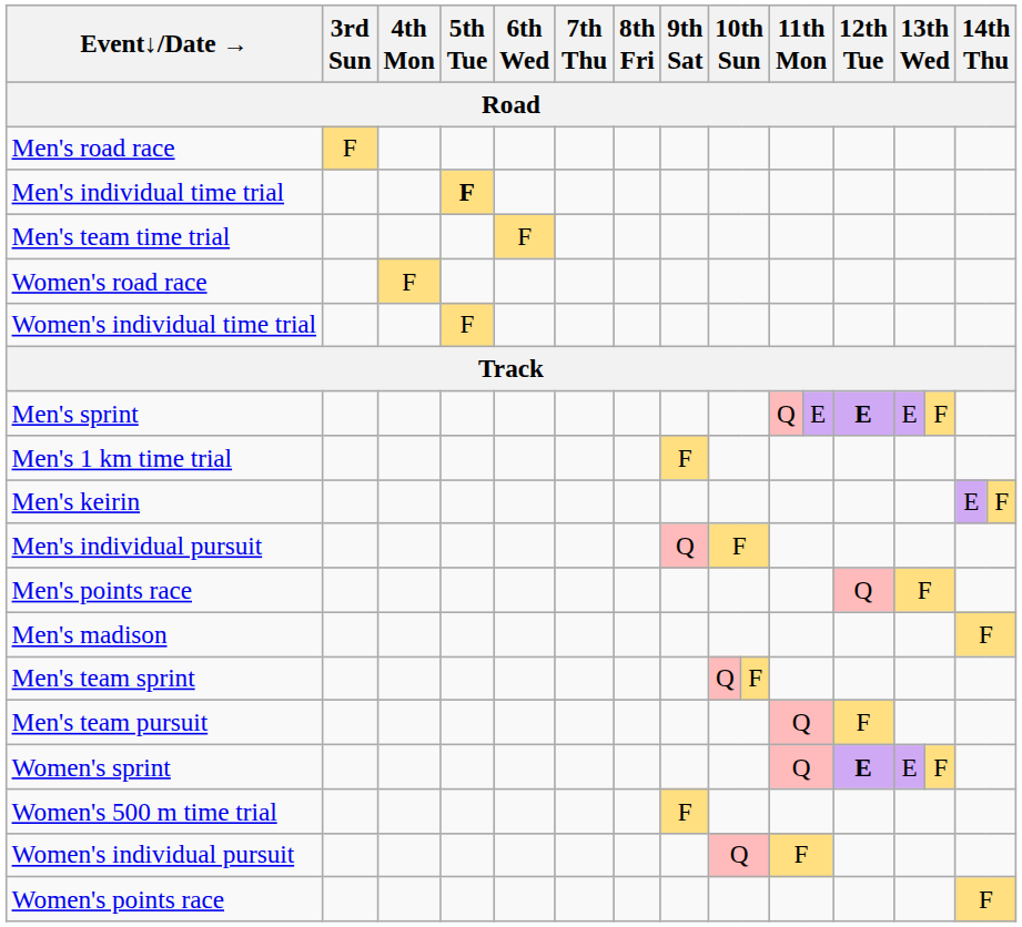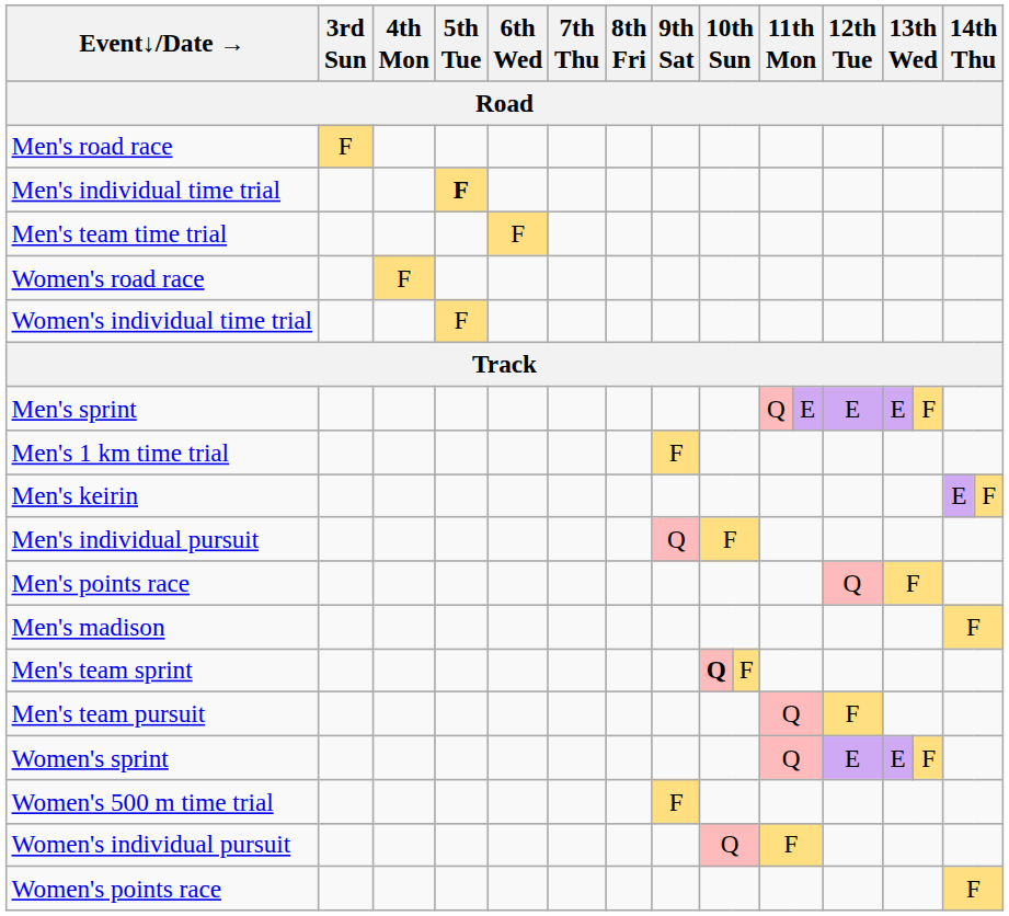 <table class="wikitable" style="margin:0.5em auto; font-size:90%; line-height:1.25em; text-align:center;">
 <tr>
 <th>Event↓/Date →</th>
 <th>3rd<br>Sun</th>
 <th>4th<br>Mon</th>
 <th>5th<br>Tue</th>
 <th>6th<br>Wed</th>
 <th>7th<br>Thu</th>
 <th>8th<br>Fri</th>
 <th>9th<br>Sat</th>
 <th colspan=2>10th<br>Sun</th>
 <th colspan=2>11th<br>Mon</th>
 <th>12th<br>Tue</th>
 <th colspan=2>13th<br>Wed</th>
 <th colspan=2>14th<br>Thu</th>
 </tr>
 <tr>
 <th colspan=18>Road</th>
 </tr>
 <tr>
 <td align="left"><a href='#'>Men's road race</a></td>
 <td bgcolor="#FFDF80">F</td>
 <td></td>
 <td></td>
 <td></td>
 <td></td>
 <td></td>
 <td></td>
 <td colspan=2></td>
 <td colspan=2></td>
 <td></td>
 <td colspan=2></td>
 <td colspan=2></td>
 </tr>
 <tr>
 <td align="left"><a href='#'>Men's individual time trial</a></td>
 <td></td>
 <td></td>
 <td bgcolor="#FFDF80"><strong>F</strong></td>
 <td></td>
 <td></td>
 <td></td>
 <td></td>
 <td colspan=2></td>
 <td colspan=2></td>
 <td></td>
 <td colspan=2></td>
 <td colspan=2></td>
 </tr>
 <tr>
 <td align="left"><a href='#'>Men's team time trial</a></td>
 <td></td>
 <td></td>
 <td></td>
 <td bgcolor="#FFDF80">F</td>
 <td></td>
 <td></td>
 <td></td>
 <td colspan=2></td>
 <td colspan=2></td>
 <td></td>
 <td colspan=2></td>
 <td colspan=2></td>
 </tr>
 <tr>
 <td align="left"><a href='#'>Women's road race</a></td>
 <td></td>
 <td bgcolor="#FFDF80">F</td>
 <td></td>
 <td></td>
 <td></td>
 <td></td>
 <td></td>
 <td colspan=2></td>
 <td colspan=2></td>
 <td></td>
 <td colspan=2></td>
 <td colspan=2></td>
 </tr>
 <tr>
 <td align="left"><a href='#'>Women's individual time trial</a></td>
 <td></td>
 <td></td>
 <td bgcolor="#FFDF80">F</td>
 <td></td>
 <td></td>
 <td></td>
 <td></td>
 <td colspan=2></td>
 <td colspan=2></td>
 <td></td>
 <td colspan=2></td>
 <td colspan=2></td>
 </tr>
 <tr>
 <th colspan=18>Track</th>
 </tr>
 <tr>
 <td align="left"><a href='#'>Men's sprint</a></td>
 <td></td>
 <td></td>
 <td></td>
 <td></td>
 <td></td>
 <td></td>
 <td></td>
 <td colspan=2></td>
 <td bgcolor="#FFBBBB">Q</td>
 <td bgcolor="#D0A9F5">E</td>
-<td bgcolor="#D0A9F5"><strong>E</strong></td>
+<td bgcolor="#D0A9F5">E</td>
 <td bgcolor="#D0A9F5">E</td>
 <td bgcolor="#FFDF80">F</td>
 <td colspan=2></td>
 </tr>
 <tr>
 <td align="left"><a href='#'>Men's 1 km time trial</a></td>
 <td></td>
 <td></td>
 <td></td>
 <td></td>
 <td></td>
 <td></td>
 <td bgcolor="#FFDF80">F</td>
 <td colspan=2></td>
 <td colspan=2></td>
 <td></td>
 <td colspan=2></td>
 <td colspan=2></td>
 </tr>
 <tr>
 <td align="left"><a href='#'>Men's keirin</a></td>
 <td></td>
 <td></td>
 <td></td>
 <td></td>
 <td></td>
 <td></td>
 <td></td>
 <td colspan=2></td>
 <td colspan=2></td>
 <td></td>
 <td colspan=2></td>
 <td bgcolor="#D0A9F5">E</td>
 <td bgcolor="#FFDF80">F</td>
 </tr>
 <tr>
 <td align="left"><a href='#'>Men's individual pursuit</a></td>
 <td></td>
 <td></td>
 <td></td>
 <td></td>
 <td></td>
 <td></td>
 <td bgcolor="#FFBBBB">Q</td>
 <td colspan=2 bgcolor="#FFDF80">F</td>
 <td colspan=2></td>
 <td></td>
 <td colspan=2></td>
 <td colspan=2></td>
 </tr>
 <tr>
 <td align="left"><a href='#'>Men's points race</a></td>
 <td></td>
 <td></td>
 <td></td>
 <td></td>
 <td></td>
 <td></td>
 <td></td>
 <td colspan=2></td>
 <td colspan=2></td>
 <td bgcolor="#FFBBBB">Q</td>
 <td colspan=2 bgcolor="#FFDF80">F</td>
 <td colspan=2></td>
 </tr>
 <tr>
 <td align="left"><a href='#'>Men's madison</a></td>
 <td></td>
 <td></td>
 <td></td>
 <td></td>
 <td></td>
 <td></td>
 <td></td>
 <td colspan=2></td>
 <td colspan=2></td>
 <td></td>
 <td colspan=2></td>
 <td colspan=3 bgcolor="#FFDF80">F</td>
 </tr>
 <tr>
 <td align="left"><a href='#'>Men's team sprint</a></td>
 <td></td>
 <td></td>
 <td></td>
 <td></td>
 <td></td>
 <td></td>
 <td></td>
-<td bgcolor="#FFBBBB">Q</td>
+<td bgcolor="#FFBBBB"><strong>Q</strong></td>
 <td bgcolor="#FFDF80">F</td>
 <td colspan=2></td>
 <td></td>
 <td colspan=2></td>
 <td colspan=2></td>
 </tr>
 <tr>
 <td align="left"><a href='#'>Men's team pursuit</a></td>
 <td></td>
 <td></td>
 <td></td>
 <td></td>
 <td></td>
 <td></td>
 <td></td>
 <td colspan=2></td>
 <td colspan=2 bgcolor="#FFBBBB">Q</td>
 <td bgcolor="#FFDF80">F</td>
 <td colspan=2></td>
 <td colspan=2></td>
 </tr>
 <tr>
 <td align="left"><a href='#'>Women's sprint</a></td>
 <td></td>
 <td></td>
 <td></td>
 <td></td>
 <td></td>
 <td></td>
 <td></td>
 <td colspan=2></td>
 <td colspan=2 bgcolor="#FFBBBB">Q</td>
-<td bgcolor="#D0A9F5"><strong>E</strong></td>
+<td bgcolor="#D0A9F5">E</td>
 <td bgcolor="#D0A9F5">E</td>
 <td bgcolor="#FFDF80">F</td>
 <td colspan=2></td>
 </tr>
 <tr>
 <td align="left"><a href='#'>Women's 500 m time trial</a></td>
 <td></td>
 <td></td>
 <td></td>
 <td></td>
 <td></td>
 <td></td>
 <td bgcolor="#FFDF80">F</td>
 <td colspan=2></td>
 <td colspan=2></td>
 <td></td>
 <td colspan=2></td>
 <td colspan=2></td>
 </tr>
 <tr>
 <td align="left"><a href='#'>Women's individual pursuit</a></td>
 <td></td>
 <td></td>
 <td></td>
 <td></td>
 <td></td>
 <td></td>
 <td></td>
 <td colspan=2 bgcolor="#FFBBBB">Q</td>
 <td colspan=2 bgcolor="#FFDF80">F</td>
 <td></td>
 <td colspan=2></td>
 <td colspan=2></td>
 </tr>
 <tr>
 <td align="left"><a href='#'>Women's points race</a></td>
 <td></td>
 <td></td>
 <td></td>
 <td></td>
 <td></td>
 <td></td>
 <td></td>
 <td colspan=2></td>
 <td colspan=2></td>
 <td></td>
 <td colspan=2></td>
 <td colspan=3 bgcolor="#FFDF80">F</td>
 </tr>
 </table>
